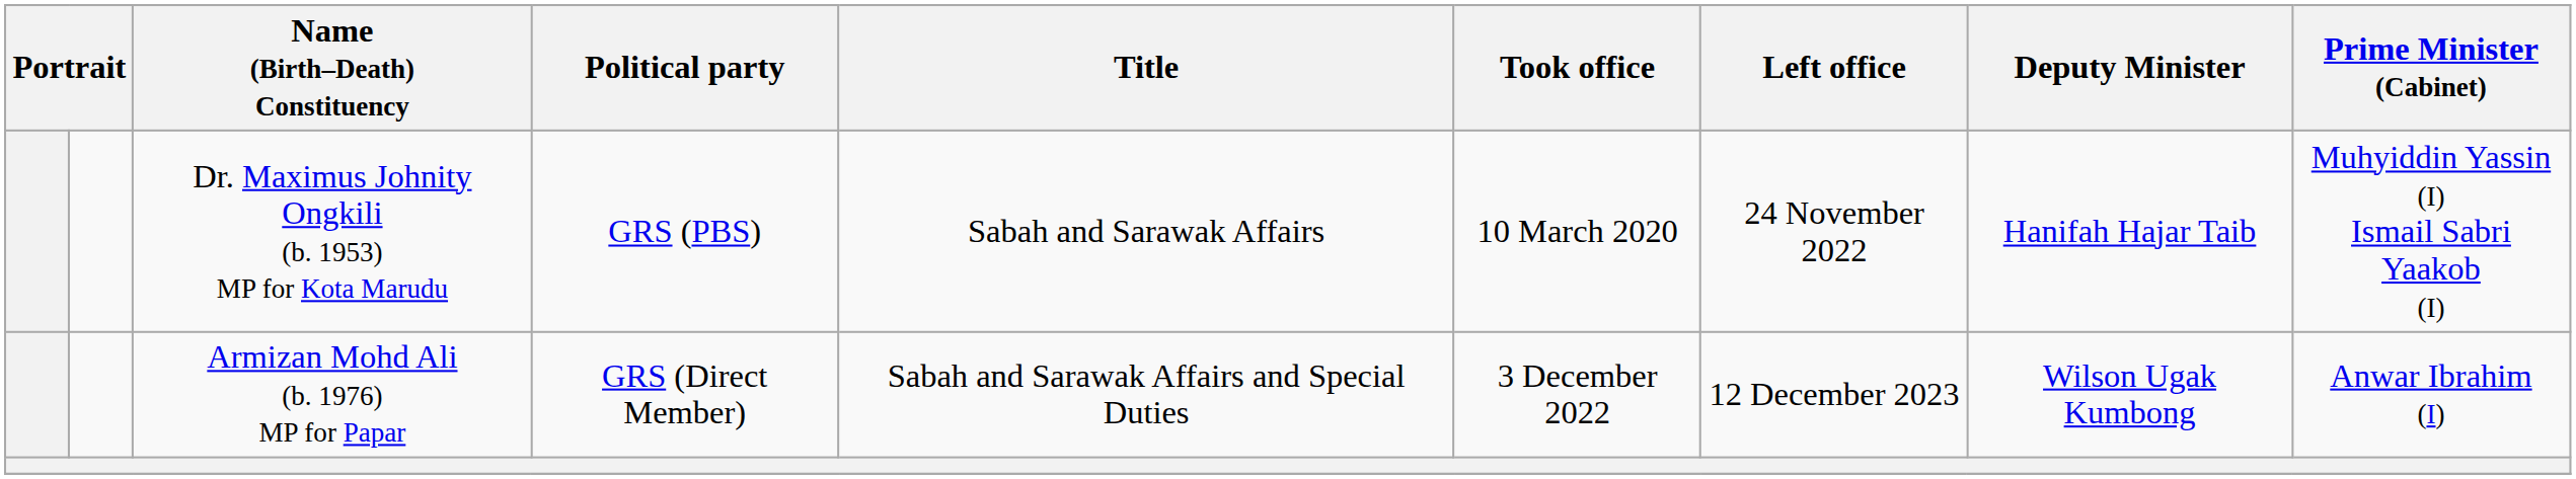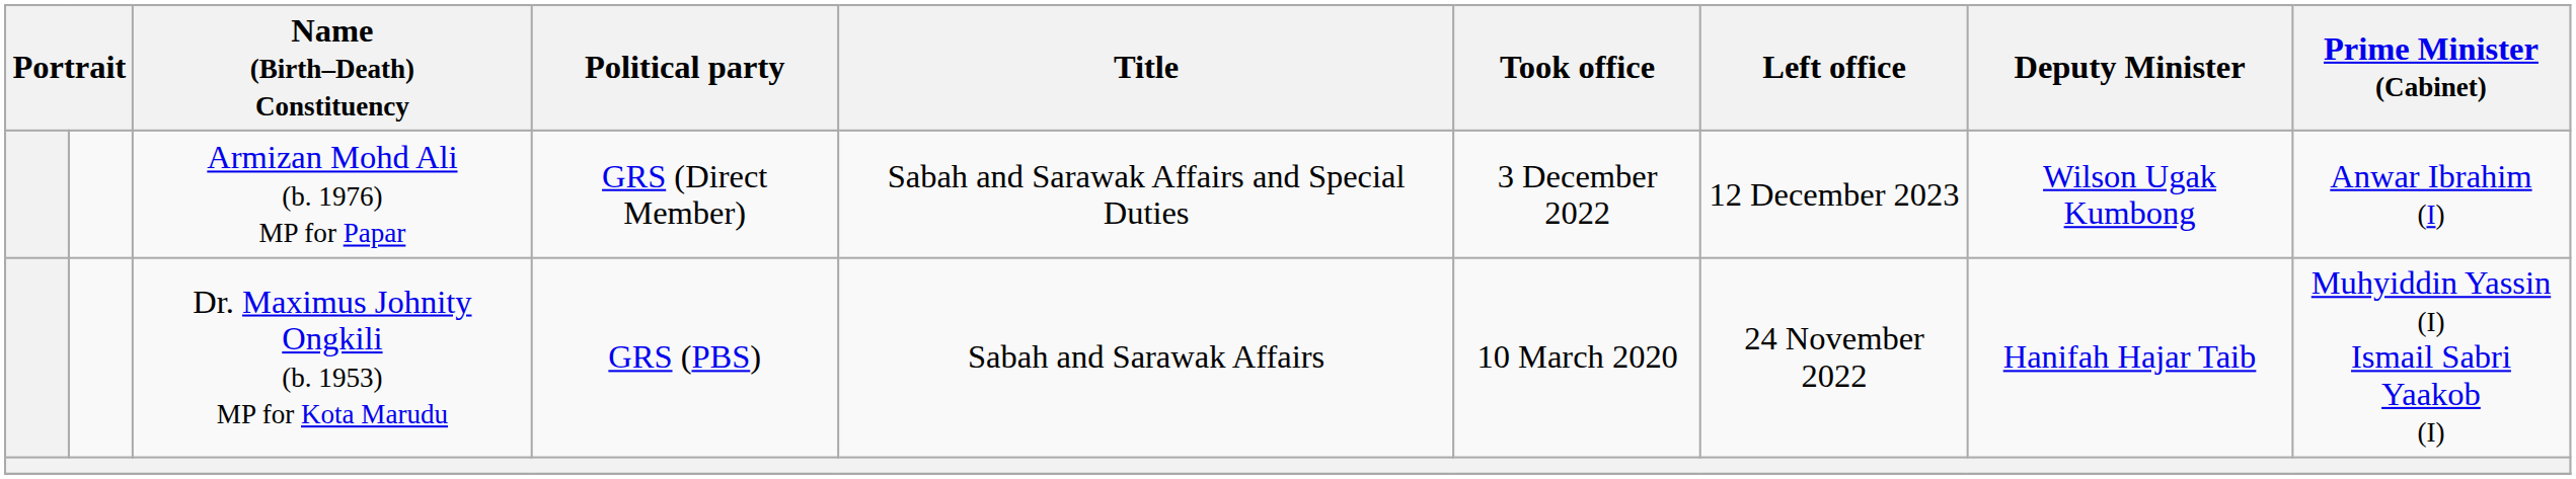 <table class="wikitable" style="text-align:center;">
 <tr>
 <th colspan=2>Portrait</th>
 <th>Name<br><small>(Birth–Death)<br>Constituency</small></th>
 <th>Political party</th>
 <th>Title</th>
 <th>Took office</th>
 <th>Left office</th>
 <th>Deputy Minister</th>
 <th><a href='#'>Prime Minister</a><br><small>(Cabinet)</small></th>
 </tr>
 <tr>
 <th style="background:"></th>
 <td></td>
+<td><a href='#'>Armizan Mohd Ali</a><br><small>(b. 1976)<br>MP for <a href='#'>Papar</a></small></td>
+<td><a href='#'>GRS</a> (Direct Member)</td>
+<td>Sabah and Sarawak Affairs and Special Duties</td>
+<td>3 December 2022</td>
+<td>12 December 2023</td>
+<td><a href='#'>Wilson Ugak Kumbong</a></td>
+<td><a href='#'>Anwar Ibrahim</a><br><small>(<a href='#'>I</a>)</small></td>
+</tr>
+<tr>
+<th style="background:"></th>
+<td></td>
 <td>Dr. <a href='#'>Maximus Johnity Ongkili</a><br><small>(b. 1953)<br>MP for <a href='#'>Kota Marudu</a></small></td>
 <td><a href='#'>GRS</a> (<a href='#'>PBS</a>)</td>
 <td>Sabah and Sarawak Affairs</td>
 <td>10 March 2020</td>
 <td>24 November 2022</td>
 <td><a href='#'>Hanifah Hajar Taib</a></td>
 <td><a href='#'>Muhyiddin Yassin</a><br><small>(I)</small><br><a href='#'>Ismail Sabri Yaakob</a><br><small>(I)</small></td>
 </tr>
 <tr>
-<th style="background:"></th>
-<td></td>
-<td><a href='#'>Armizan Mohd Ali</a><br><small>(b. 1976)<br>MP for <a href='#'>Papar</a></small></td>
-<td><a href='#'>GRS</a> (Direct Member)</td>
-<td>Sabah and Sarawak Affairs and Special Duties</td>
-<td>3 December 2022</td>
-<td>12 December 2023</td>
-<td><a href='#'>Wilson Ugak Kumbong</a></td>
-<td><a href='#'>Anwar Ibrahim</a><br><small>(<a href='#'>I</a>)</small></td>
-</tr>
-<tr>
 <th colspan="9" bgcolor="cccccc"></th>
 </tr>
 <tr>
 </tr>
 </table>
